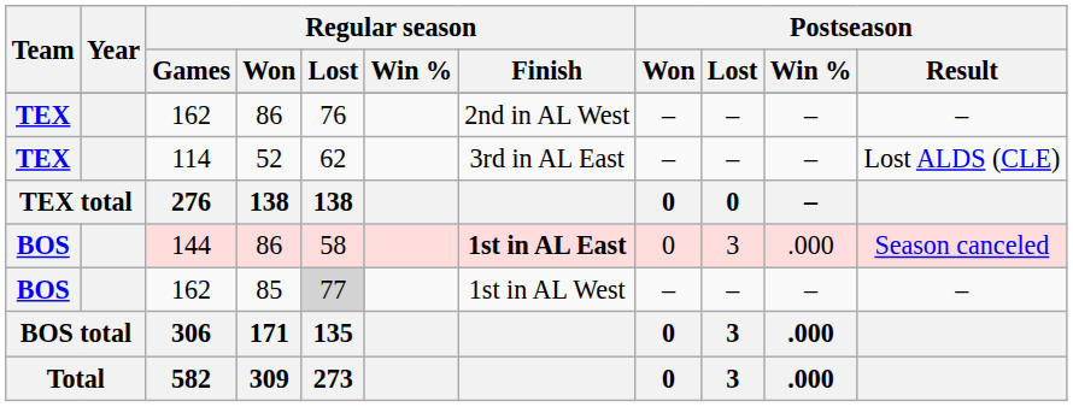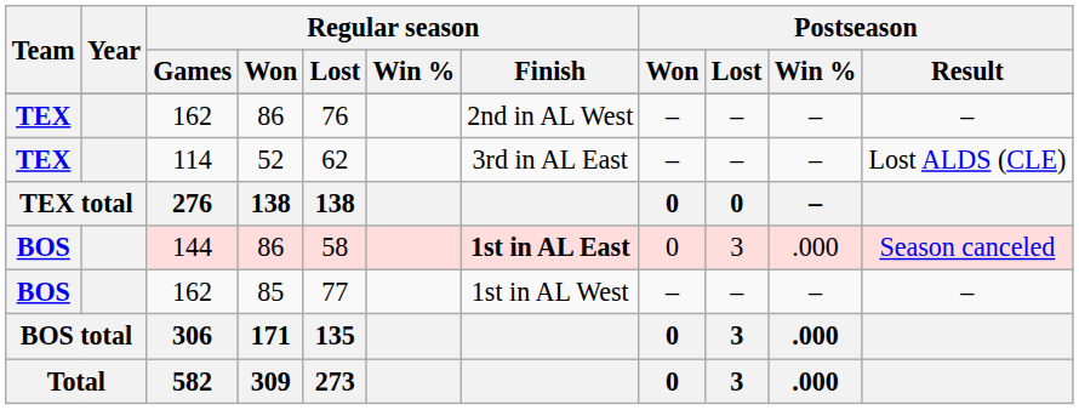 <table class="wikitable" style="font-size: 95%; text-align:center;">
 <tr>
 <th rowspan="2">Team</th>
 <th rowspan="2">Year</th>
 <th colspan="5">Regular season</th>
 <th colspan="4">Postseason</th>
 </tr>
 <tr>
 <th>Games</th>
 <th>Won</th>
 <th>Lost</th>
 <th>Win %</th>
 <th>Finish</th>
 <th>Won</th>
 <th>Lost</th>
 <th>Win %</th>
 <th>Result</th>
 </tr>
 <tr>
 </tr>
 <tr>
 <th><a href='#'>TEX</a></th>
 <th></th>
 <td>162</td>
 <td>86</td>
 <td>76</td>
 <td></td>
 <td>2nd in AL West</td>
 <td>–</td>
 <td>–</td>
 <td>–</td>
 <td>–</td>
 </tr>
 <tr>
 <th><a href='#'>TEX</a></th>
 <th></th>
 <td>114</td>
 <td>52</td>
 <td>62</td>
 <td></td>
 <td>3rd in AL East</td>
 <td>–</td>
 <td>–</td>
 <td>–</td>
 <td>Lost <a href='#'>ALDS</a> (<a href='#'>CLE</a>)</td>
 </tr>
 <tr>
 <th colspan="2">TEX total</th>
 <th>276</th>
 <th>138</th>
 <th>138</th>
 <th></th>
 <th></th>
 <th>0</th>
 <th>0</th>
 <th>–</th>
 <th></th>
 </tr>
 <tr style="background:#fdd">
 <th><a href='#'>BOS</a></th>
 <th></th>
 <td>144</td>
 <td>86</td>
 <td>58</td>
 <td></td>
 <td><strong>1st in AL East</strong></td>
 <td>0</td>
 <td>3</td>
 <td>.000</td>
 <td><a href='#'>Season canceled</a></td>
 </tr>
 <tr>
 <th><a href='#'>BOS</a></th>
 <th></th>
 <td>162</td>
 <td>85</td>
-<td style="background: lightgrey;">77</td>
+<td>77</td>
 <td></td>
 <td>1st in AL West</td>
 <td>–</td>
 <td>–</td>
 <td>–</td>
 <td>–</td>
 </tr>
 <tr>
 <th colspan="2">BOS total</th>
 <th>306</th>
 <th>171</th>
 <th>135</th>
 <th></th>
 <th></th>
 <th>0</th>
 <th>3</th>
 <th>.000</th>
 <th></th>
 </tr>
 <tr>
 <th colspan="2">Total</th>
 <th>582</th>
 <th>309</th>
 <th>273</th>
 <th></th>
 <th></th>
 <th>0</th>
 <th>3</th>
 <th>.000</th>
 <th></th>
 </tr>
 </table>
